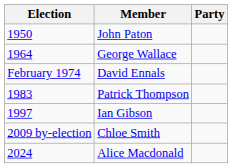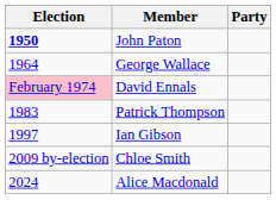 <table class="wikitable">
 <tr>
 <th scope="col">Election</th>
 <th scope="col">Member</th>
 <th scope="col" colspan="2">Party</th>
 </tr>
 <tr>
-<td><a href='#'>1950</a></td>
+<td><strong><a href='#'>1950</a></strong></td>
 <td><a href='#'>John Paton</a></td>
 <td></td>
 </tr>
 <tr>
 <td><a href='#'>1964</a></td>
 <td><a href='#'>George Wallace</a></td>
 <td></td>
 </tr>
 <tr>
-<td><a href='#'>February 1974</a></td>
+<td style="background: pink;"><a href='#'>February 1974</a></td>
 <td><a href='#'>David Ennals</a></td>
 <td></td>
 </tr>
 <tr>
 <td><a href='#'>1983</a></td>
 <td><a href='#'>Patrick Thompson</a></td>
 <td></td>
 </tr>
 <tr>
 <td><a href='#'>1997</a></td>
 <td><a href='#'>Ian Gibson</a></td>
 <td></td>
 </tr>
 <tr>
 <td><a href='#'>2009 by-election</a></td>
 <td><a href='#'>Chloe Smith</a></td>
 <td></td>
 </tr>
 <tr>
 <td><a href='#'>2024</a></td>
 <td><a href='#'>Alice Macdonald</a></td>
 <td></td>
 </tr>
 </table>
